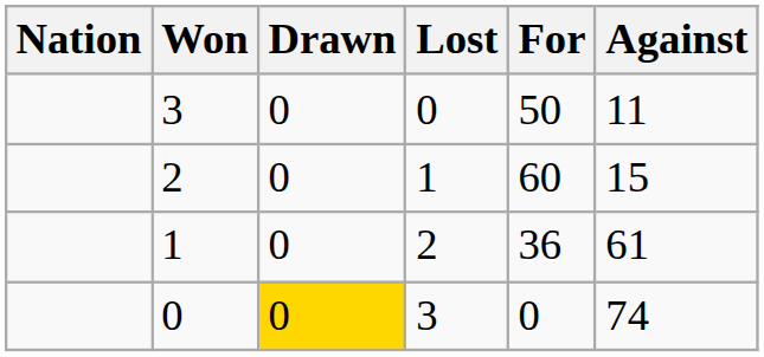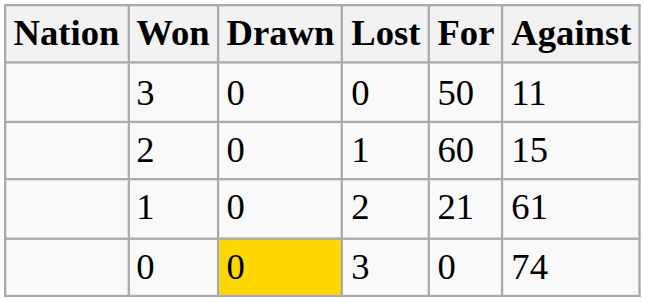 <table class="wikitable">
 <tr>
 <th>Nation</th>
 <th>Won</th>
 <th>Drawn</th>
 <th>Lost</th>
 <th>For</th>
 <th>Against</th>
 </tr>
 <tr>
 <td></td>
 <td>3</td>
 <td>0</td>
 <td>0</td>
 <td>50</td>
 <td>11</td>
 </tr>
 <tr>
 <td></td>
 <td>2</td>
 <td>0</td>
 <td>1</td>
 <td>60</td>
 <td>15</td>
 </tr>
 <tr>
 <td></td>
 <td>1</td>
 <td>0</td>
 <td>2</td>
-<td>36</td>
+<td>21</td>
 <td>61</td>
 </tr>
 <tr>
 <td></td>
 <td>0</td>
 <td style="background: gold;">0</td>
 <td>3</td>
 <td>0</td>
 <td>74</td>
 </tr>
 </table>
